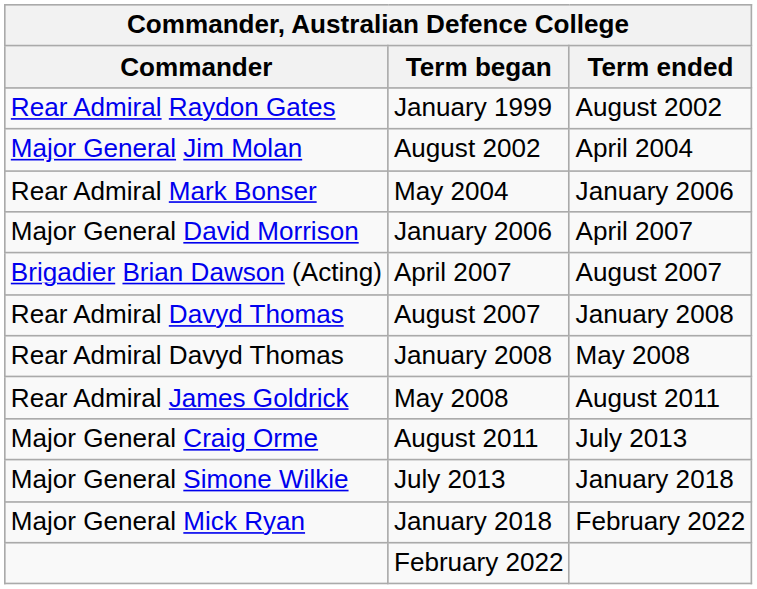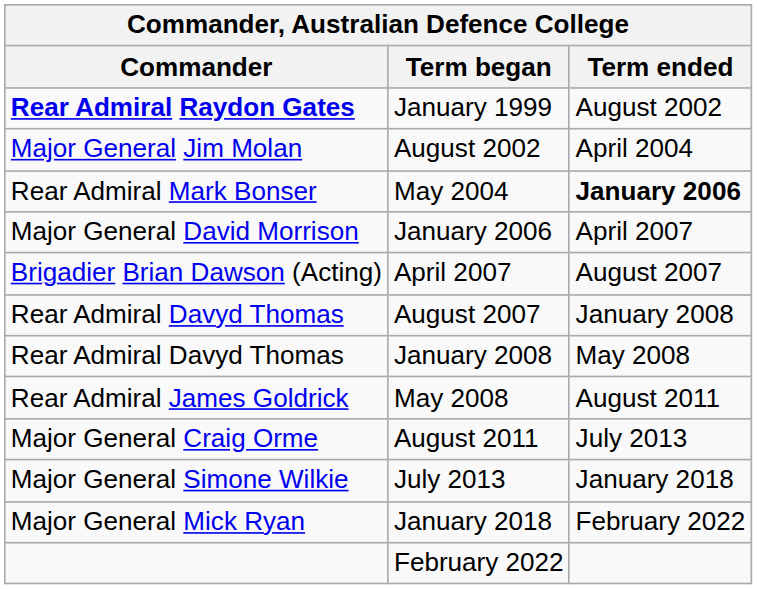 <table class="wikitable">
 <tr>
 <th colspan=6 background=white>Commander, Australian Defence College</th>
 </tr>
 <tr>
 <th>Commander</th>
 <th>Term began</th>
 <th>Term ended</th>
 </tr>
 <tr>
-<td><a href='#'>Rear Admiral</a> <a href='#'>Raydon Gates</a> </td>
+<td><strong><a href='#'>Rear Admiral</a> <a href='#'>Raydon Gates</a> </strong></td>
 <td>January 1999</td>
 <td>August 2002</td>
 </tr>
 <tr>
 <td><a href='#'>Major General</a> <a href='#'>Jim Molan</a> </td>
 <td>August 2002</td>
 <td>April 2004</td>
 </tr>
 <tr>
 <td>Rear Admiral <a href='#'>Mark Bonser</a> </td>
 <td>May 2004</td>
-<td>January 2006</td>
+<td><strong>January 2006</strong></td>
 </tr>
 <tr>
 <td>Major General <a href='#'>David Morrison</a> </td>
 <td>January 2006</td>
 <td>April 2007</td>
 </tr>
 <tr>
 <td><a href='#'>Brigadier</a> <a href='#'>Brian Dawson</a>  (Acting)</td>
 <td>April 2007</td>
 <td>August 2007</td>
 </tr>
 <tr>
 <td>Rear Admiral <a href='#'>Davyd Thomas</a> </td>
 <td>August 2007</td>
 <td>January 2008</td>
 </tr>
 <tr>
 <td>Rear Admiral Davyd Thomas </td>
 <td>January 2008</td>
 <td>May 2008</td>
 </tr>
 <tr>
 <td>Rear Admiral <a href='#'>James Goldrick</a> </td>
 <td>May 2008</td>
 <td>August 2011</td>
 </tr>
 <tr>
 <td>Major General <a href='#'>Craig Orme</a> </td>
 <td>August 2011</td>
 <td>July 2013</td>
 </tr>
 <tr>
 <td>Major General <a href='#'>Simone Wilkie</a> </td>
 <td>July 2013</td>
 <td>January 2018</td>
 </tr>
 <tr>
 <td>Major General <a href='#'>Mick Ryan</a> </td>
 <td>January 2018</td>
 <td>February 2022</td>
 </tr>
 <tr>
 <td></td>
 <td>February 2022</td>
 <td></td>
 </tr>
 </table>
